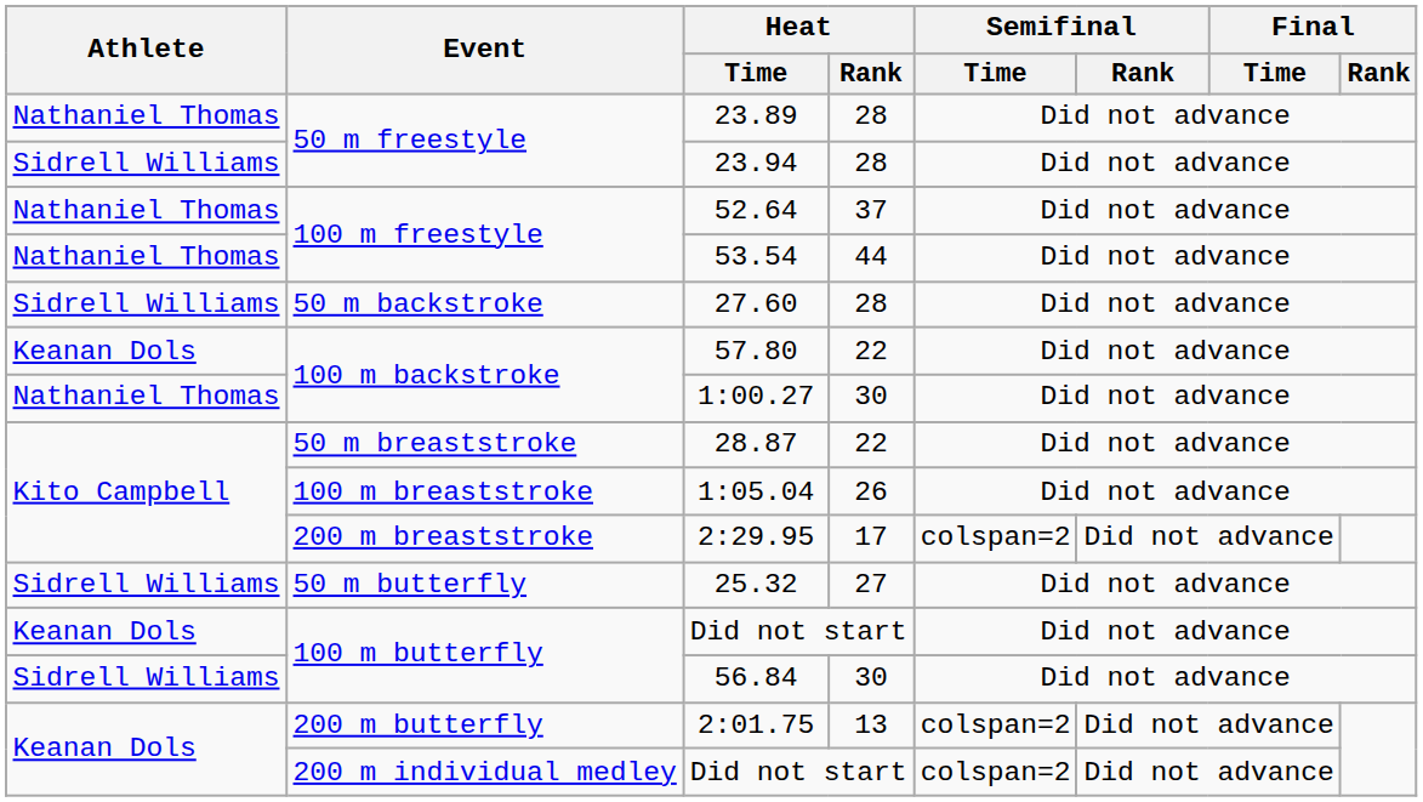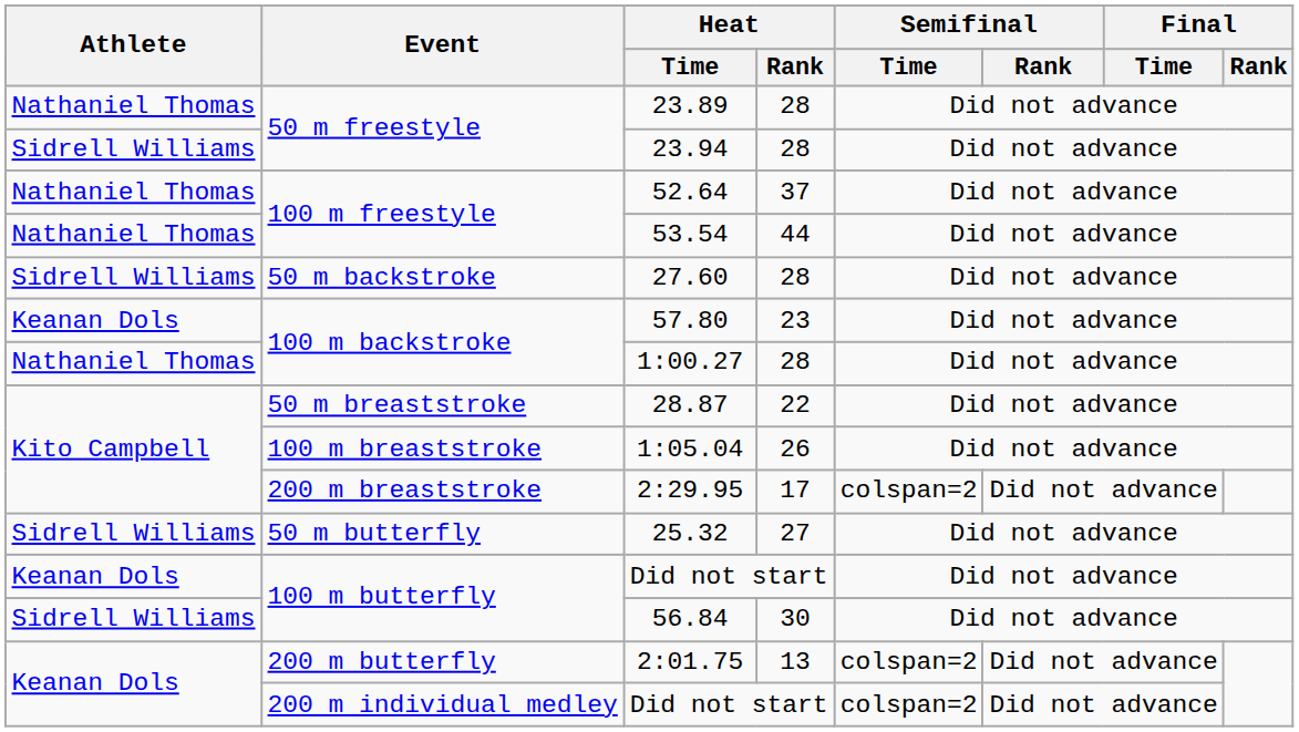 <table class=wikitable style=font-size:90%>
 <tr>
 <th rowspan=2>Athlete</th>
 <th rowspan=2>Event</th>
 <th colspan=2>Heat</th>
 <th colspan=2>Semifinal</th>
 <th colspan=2>Final</th>
 </tr>
 <tr style=font-size:95%>
 <th>Time</th>
 <th>Rank</th>
 <th>Time</th>
 <th>Rank</th>
 <th>Time</th>
 <th>Rank</th>
 </tr>
 <tr align=center>
 <td align=left><a href='#'>Nathaniel Thomas</a></td>
 <td align=left rowspan="2"><a href='#'>50 m freestyle</a></td>
 <td>23.89</td>
 <td>28</td>
 <td colspan="4">Did not advance</td>
 </tr>
 <tr align=center>
 <td align=left><a href='#'>Sidrell Williams</a></td>
 <td>23.94</td>
 <td>28</td>
 <td colspan="4">Did not advance</td>
 </tr>
 <tr align=center>
 <td align=left><a href='#'>Nathaniel Thomas</a></td>
 <td align=left rowspan="2"><a href='#'>100 m freestyle</a></td>
 <td>52.64</td>
 <td>37</td>
 <td colspan="4">Did not advance</td>
 </tr>
 <tr align=center>
 <td align=left><a href='#'>Nathaniel Thomas</a></td>
 <td>53.54</td>
 <td>44</td>
 <td colspan="4">Did not advance</td>
 </tr>
 <tr align=center>
 <td align=left><a href='#'>Sidrell Williams</a></td>
 <td style="text-align:left;"><a href='#'>50 m backstroke</a></td>
 <td>27.60</td>
 <td>28</td>
 <td colspan="4">Did not advance</td>
 </tr>
 <tr align=center>
 <td align=left><a href='#'>Keanan Dols</a></td>
 <td align=left rowspan=2><a href='#'>100 m backstroke</a></td>
 <td>57.80</td>
-<td>22</td>
+<td>23</td>
 <td colspan=4>Did not advance</td>
 </tr>
 <tr align=center>
 <td align=left><a href='#'>Nathaniel Thomas</a></td>
 <td>1:00.27</td>
-<td>30</td>
+<td>28</td>
 <td colspan=4>Did not advance</td>
 </tr>
 <tr align=center>
 <td align=left rowspan=3><a href='#'>Kito Campbell</a></td>
 <td align=left><a href='#'>50 m breaststroke</a></td>
 <td>28.87</td>
 <td>22</td>
 <td colspan="4">Did not advance</td>
 </tr>
 <tr align=center>
 <td align=left rowspan="1"><a href='#'>100 m breaststroke</a></td>
 <td>1:05.04</td>
 <td>26</td>
 <td colspan="4">Did not advance</td>
 </tr>
 <tr align=center>
 <td align=left rowspan="1"><a href='#'>200 m breaststroke</a></td>
 <td>2:29.95</td>
 <td>17</td>
 <td>colspan=2 </td>
 <td colspan=2>Did not advance</td>
 </tr>
 <tr align=center>
 <td align=left><a href='#'>Sidrell Williams</a></td>
 <td align=left rowspan="1"><a href='#'>50 m butterfly</a></td>
 <td>25.32</td>
 <td>27</td>
 <td colspan=4>Did not advance</td>
 </tr>
 <tr align=center>
 <td align=left><a href='#'>Keanan Dols</a></td>
 <td align=left rowspan="2"><a href='#'>100 m butterfly</a></td>
 <td colspan="2">Did not start</td>
 <td colspan="4">Did not advance</td>
 </tr>
 <tr align=center>
 <td align=left><a href='#'>Sidrell Williams</a></td>
 <td>56.84</td>
 <td>30</td>
 <td colspan="4">Did not advance</td>
 </tr>
 <tr align=center>
 <td align=left rowspan=2><a href='#'>Keanan Dols</a></td>
 <td align=left><a href='#'>200 m butterfly</a></td>
 <td>2:01.75</td>
 <td>13</td>
 <td>colspan=2 </td>
 <td colspan=2>Did not advance</td>
 </tr>
 <tr align=center>
 <td align=left rowspan="1"><a href='#'>200 m individual medley</a></td>
 <td colspan="2">Did not start</td>
 <td>colspan=2 </td>
 <td colspan="2">Did not advance</td>
 </tr>
 </table>
